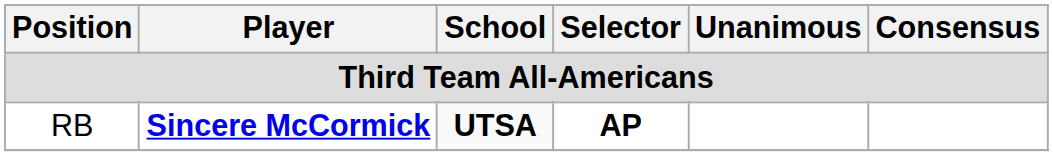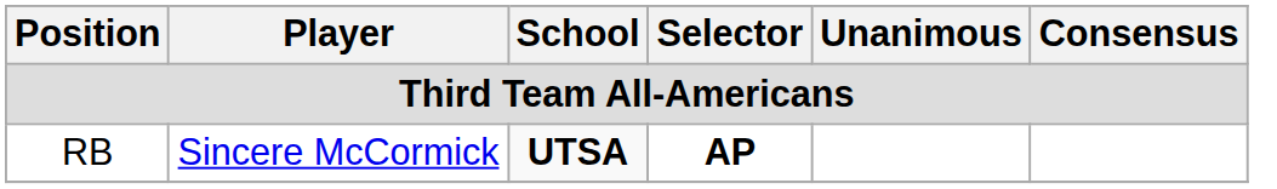 <table class="wikitable" border="0">
 <tr>
 <th>Position</th>
 <th>Player</th>
 <th>School</th>
 <th>Selector</th>
 <th>Unanimous</th>
 <th>Consensus</th>
 </tr>
 <tr>
 <td colspan="6" style="text-align:center; background:#ddd;"><strong>Third Team All-Americans</strong></td>
 </tr>
 <tr style="text-align:center;">
 <td style="background:white">RB</td>
-<td style="background:white"><strong><a href='#'>Sincere McCormick</a></strong></td>
+<td style="background:white"><a href='#'>Sincere McCormick</a></td>
 <td style=><strong>UTSA</strong></td>
 <td style="background:white"><strong>AP</strong></td>
 <td style="background:white"></td>
 <td style="background:white"></td>
 </tr>
 <tr>
 </tr>
 </table>
